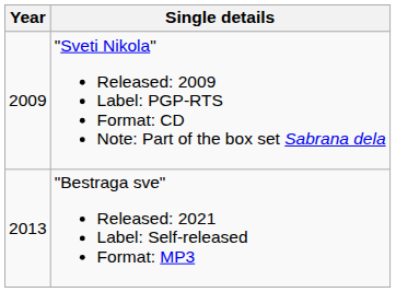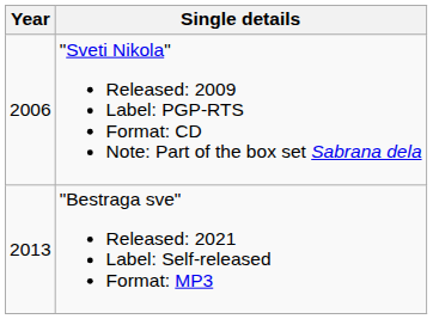 <table class ="wikitable">
 <tr>
 <th>Year</th>
 <th>Single details</th>
 </tr>
 <tr>
-<td align="center" rowspan="1">2009</td>
+<td align="center" rowspan="1">2006</td>
 <td>"<a href='#'>Sveti Nikola</a>"<br><ul><li>Released: 2009</li><li>Label: PGP-RTS</li><li>Format: CD</li><li>Note: Part of the box set <em><a href='#'>Sabrana dela</a></em></li></ul></td>
 </tr>
 <tr>
 <td align="center" rowspan="1">2013</td>
 <td>"Bestraga sve"<br><ul><li>Released: 2021</li><li>Label: Self-released</li><li>Format: <a href='#'>MP3</a></li></ul></td>
 </tr>
 <tr>
 </tr>
 </table>
